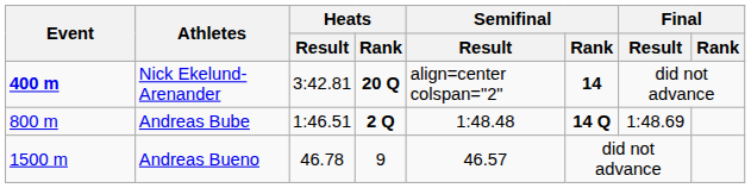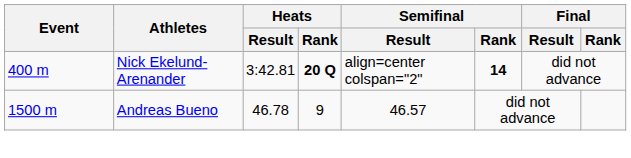 <table class="wikitable" border="1" style="font-size:90%">
 <tr>
 <th rowspan="2" width=100>Event</th>
 <th rowspan="2" width=120>Athletes</th>
 <th colspan="2">Heats</th>
 <th colspan="2">Semifinal</th>
 <th colspan="2">Final</th>
 </tr>
 <tr>
 <th>Result</th>
 <th>Rank</th>
 <th>Result</th>
 <th>Rank</th>
 <th>Result</th>
 <th>Rank</th>
 </tr>
 <tr>
-<td><strong><a href='#'>400 m</a></strong></td>
+<td><a href='#'>400 m</a></td>
 <td><a href='#'>Nick Ekelund-Arenander</a></td>
 <td align=center>3:42.81</td>
 <td align=center><strong>20 Q</strong></td>
 <td>align=center colspan="2" </td>
 <td align=center><strong>14</strong></td>
 <td align=center colspan="2">did not advance</td>
-</tr>
-<tr>
-<td><a href='#'>800 m</a></td>
-<td><a href='#'>Andreas Bube</a></td>
-<td align=center>1:46.51</td>
-<td align=center><strong>2 Q</strong></td>
-<td align=center>1:48.48</td>
-<td align=center><strong>14 Q</strong></td>
-<td align=center>1:48.69</td>
-<td align=center></td>
 </tr>
 <tr>
 <td><a href='#'>1500 m</a></td>
 <td><a href='#'>Andreas Bueno</a></td>
 <td align=center>46.78</td>
 <td align=center>9</td>
 <td align=center>46.57</td>
 <td align=center colspan="2">did not advance</td>
 </tr>
 </table>
